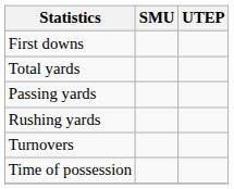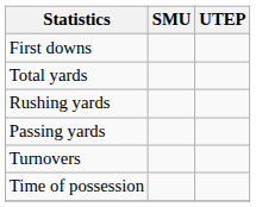 <table class="wikitable" style="float: left;">
 <tr>
 <th>Statistics</th>
 <th>SMU</th>
 <th>UTEP</th>
 </tr>
 <tr>
 <td>First downs</td>
 <td></td>
 <td></td>
 </tr>
 <tr>
 <td>Total yards</td>
 <td></td>
 <td></td>
 </tr>
 <tr>
-<td>Passing yards</td>
+<td>Rushing yards</td>
 <td></td>
 <td></td>
 </tr>
 <tr>
-<td>Rushing yards</td>
+<td>Passing yards</td>
 <td></td>
 <td></td>
 </tr>
 <tr>
 <td>Turnovers</td>
 <td></td>
 <td></td>
 </tr>
 <tr>
 <td>Time of possession</td>
 <td></td>
 <td></td>
 </tr>
 <tr>
 </tr>
 </table>
